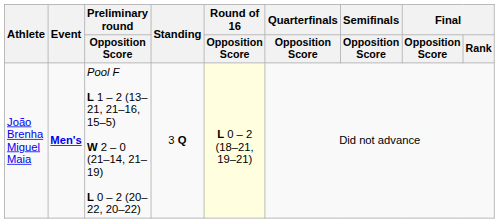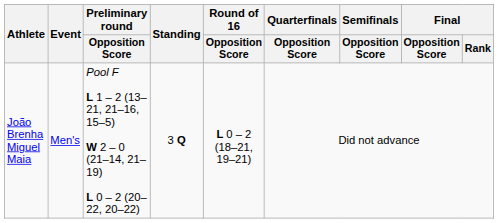 <table class=wikitable style="font-size:90%">
 <tr>
 <th rowspan="2">Athlete</th>
 <th rowspan="2">Event</th>
 <th>Preliminary round</th>
 <th rowspan="2">Standing</th>
 <th>Round of 16</th>
 <th>Quarterfinals</th>
 <th>Semifinals</th>
 <th colspan=2>Final</th>
 </tr>
 <tr style="font-size:95%">
 <th>Opposition<br>Score</th>
 <th>Opposition<br>Score</th>
 <th>Opposition<br>Score</th>
 <th>Opposition<br>Score</th>
 <th>Opposition<br>Score</th>
 <th>Rank</th>
 </tr>
 <tr align=center>
 <td align=left><a href='#'>João Brenha</a><br><a href='#'>Miguel Maia</a></td>
-<td align=left><strong><a href='#'>Men's</a></strong></td>
+<td align=left><a href='#'>Men's</a></td>
 <td align=left><em>Pool F</em><br><br><strong>L</strong> 1 – 2 (13–21, 21–16, 15–5)<br><br><strong>W</strong> 2 – 0 (21–14, 21–19)<br><br><strong>L</strong> 0 – 2 (20–22, 20–22)</td>
 <td>3 <strong>Q</strong></td>
-<td style="background: lightyellow;"><br><strong>L</strong> 0 – 2 (18–21, 19–21)</td>
+<td><br><strong>L</strong> 0 – 2 (18–21, 19–21)</td>
 <td colspan=4>Did not advance</td>
 </tr>
 </table>
